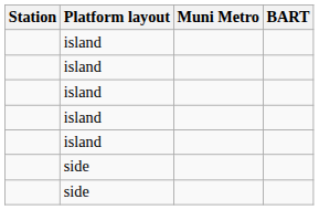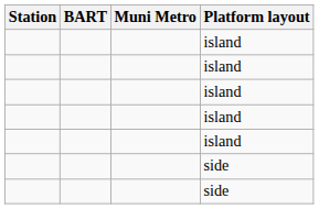 <table class=wikitable>
 <tr>
 <th>Station</th>
+<th>BART</th>
+<th>Muni Metro</th>
 <th>Platform layout</th>
-<th>Muni Metro</th>
-<th>BART</th>
 </tr>
 <tr>
 <td></td>
+<td>   </td>
+<td>     </td>
 <td>island</td>
-<td>     </td>
-<td>   </td>
 </tr>
 <tr>
 <td></td>
+<td>   </td>
+<td>     </td>
 <td>island</td>
-<td>     </td>
-<td>   </td>
 </tr>
 <tr>
 <td></td>
+<td>   </td>
+<td>     </td>
 <td>island</td>
-<td>     </td>
-<td>   </td>
 </tr>
 <tr>
 <td></td>
+<td>   </td>
+<td>     </td>
 <td>island</td>
-<td>     </td>
-<td>   </td>
 </tr>
 <tr>
 <td></td>
+<td></td>
+<td>      </td>
 <td>island</td>
-<td>      </td>
-<td></td>
 </tr>
 <tr>
 <td></td>
+<td></td>
+<td>    </td>
 <td>side</td>
-<td>    </td>
-<td></td>
 </tr>
 <tr>
 <td></td>
+<td></td>
+<td>    </td>
 <td>side</td>
-<td>    </td>
-<td></td>
 </tr>
 </table>
